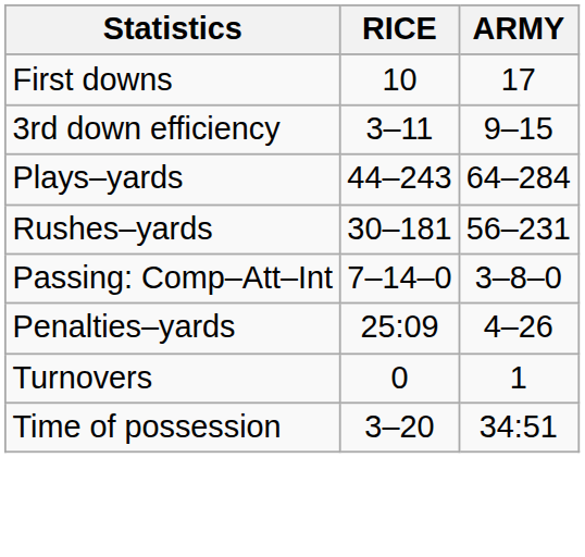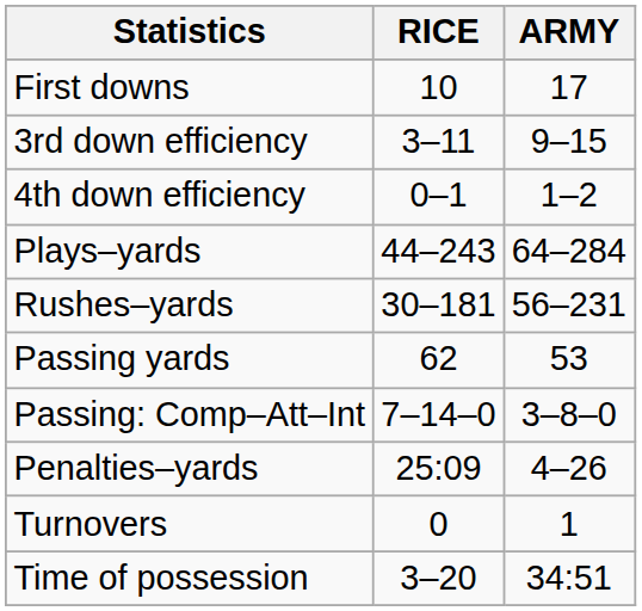 <table class="wikitable">
 <tr>
 <th>Statistics</th>
 <th>RICE</th>
 <th>ARMY</th>
 </tr>
 <tr>
 <td>First downs</td>
 <td align=center>10</td>
 <td align=center>17</td>
 </tr>
 <tr>
 <td>3rd down efficiency</td>
 <td align=center>3–11</td>
 <td align=center>9–15</td>
 </tr>
 <tr>
+<td>4th down efficiency</td>
+<td align=center>0–1</td>
+<td align=center>1–2</td>
+</tr>
+<tr>
 <td>Plays–yards</td>
 <td align=center>44–243</td>
 <td align=center>64–284</td>
 </tr>
 <tr>
 <td>Rushes–yards</td>
 <td align=center>30–181</td>
 <td align=center>56–231</td>
+</tr>
+<tr>
+<td>Passing yards</td>
+<td align=center>62</td>
+<td align=center>53</td>
 </tr>
 <tr>
 <td>Passing: Comp–Att–Int</td>
 <td align=center>7–14–0</td>
 <td align=center>3–8–0</td>
 </tr>
 <tr>
 <td>Penalties–yards</td>
 <td align=center>25:09</td>
 <td align=center>4–26</td>
 </tr>
 <tr>
 <td>Turnovers</td>
 <td align=center>0</td>
 <td align=center>1</td>
 </tr>
 <tr>
 <td>Time of possession</td>
 <td align=center>3–20</td>
 <td align=center>34:51</td>
 </tr>
 </table>
